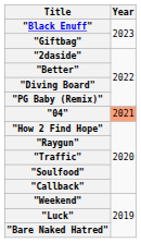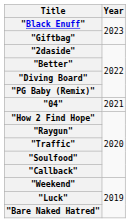 <table class="wikitable plainrowheaders">
 <tr>
 <th scope="col">Title</th>
 <th scope="col">Year</th>
 </tr>
 <tr>
 <th scope="row">"<a href='#'>Black Enuff</a>"<br></th>
 <td rowspan="2">2023</td>
 </tr>
 <tr>
 <th scope="row">"Giftbag"</th>
 </tr>
 <tr>
 <th scope="row">"2daside"</th>
 <td rowspan="4">2022</td>
 </tr>
 <tr>
 <th scope="row">"Better"<br></th>
 </tr>
 <tr>
 <th scope="row">"Diving Board"</th>
 </tr>
 <tr>
 <th scope="row">"PG Baby (Remix)"<br></th>
 </tr>
 <tr>
 <th scope="row">"04"</th>
-<td style="background: lightsalmon;">2021</td>
+<td>2021</td>
 </tr>
 <tr>
 <th scope="row">"How 2 Find Hope"</th>
 <td rowspan="5">2020</td>
 </tr>
 <tr>
 <th scope="row">"Raygun"<br></th>
 </tr>
 <tr>
 <th scope="row">"Traffic"</th>
 </tr>
 <tr>
 <th scope="row">"Soulfood"</th>
 </tr>
 <tr>
 <th scope="row">"Callback"</th>
 </tr>
 <tr>
 <th scope="row">"Weekend"<br></th>
 <td rowspan="3">2019</td>
 </tr>
 <tr>
 <th scope="row">"Luck"</th>
 </tr>
 <tr>
 <th scope="row">"Bare Naked Hatred"<br></th>
 </tr>
 </table>
